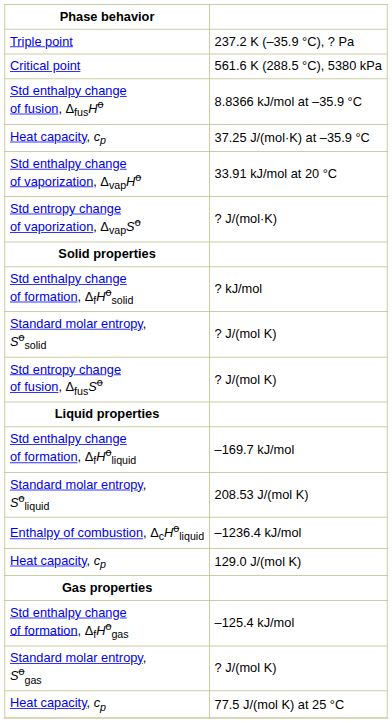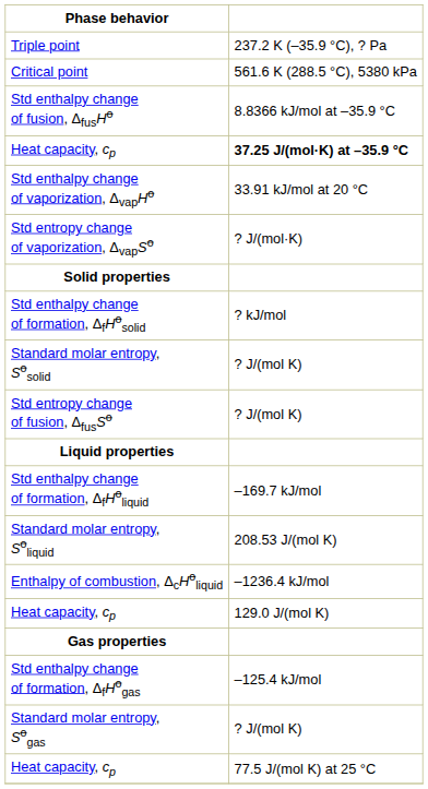 <table border="1" cellspacing="0" cellpadding="6" style="margin: 0 0 0 0.5em; background: #FFFFFF; border-collapse: collapse; border-color: #C0C090;">
 <tr>
 <th>Phase behavior</th>
 </tr>
 <tr>
 <td><a href='#'>Triple point</a></td>
 <td>237.2 K (–35.9 °C), ? Pa</td>
 </tr>
 <tr>
 <td><a href='#'>Critical point</a></td>
 <td>561.6 K (288.5 °C), 5380 kPa</td>
 </tr>
 <tr>
 <td><a href='#'>Std enthalpy change<br>of fusion</a>, Δ<sub>fus</sub><em>H</em><sup><s>o</s></sup></td>
 <td>8.8366 kJ/mol at –35.9 °C</td>
 </tr>
 <tr>
 <td><a href='#'>Heat capacity</a>, <em>c<sub>p</sub></em></td>
-<td>37.25 J/(mol·K) at –35.9 °C</td>
+<td><strong>37.25 J/(mol·K) at –35.9 °C</strong></td>
 </tr>
 <tr>
 <td><a href='#'>Std enthalpy change<br>of vaporization</a>, Δ<sub>vap</sub><em>H</em><sup><s>o</s></sup></td>
 <td>33.91 kJ/mol at 20 °C</td>
 </tr>
 <tr>
 <td><a href='#'>Std entropy change<br>of vaporization</a>, Δ<sub>vap</sub><em>S</em><sup><s>o</s></sup></td>
 <td>? J/(mol·K)</td>
 </tr>
 <tr>
 <th>Solid properties</th>
 </tr>
 <tr>
 <td><a href='#'>Std enthalpy change<br>of formation</a>, Δ<sub>f</sub><em>H</em><sup><s>o</s></sup><sub>solid</sub></td>
 <td>? kJ/mol</td>
 </tr>
 <tr>
 <td><a href='#'>Standard molar entropy</a>,<br><em>S</em><sup><s>o</s></sup><sub>solid</sub></td>
 <td>? J/(mol K)</td>
 </tr>
 <tr>
 <td><a href='#'>Std entropy change<br>of fusion</a>, Δ<sub>fus</sub><em>S</em><sup><s>o</s></sup></td>
 <td>? J/(mol K)</td>
 </tr>
 <tr>
 <th>Liquid properties</th>
 </tr>
 <tr>
 <td><a href='#'>Std enthalpy change<br>of formation</a>, Δ<sub>f</sub><em>H</em><sup><s>o</s></sup><sub>liquid</sub></td>
 <td>–169.7 kJ/mol</td>
 </tr>
 <tr>
 <td><a href='#'>Standard molar entropy</a>,<br><em>S</em><sup><s>o</s></sup><sub>liquid</sub></td>
 <td>208.53 J/(mol K)</td>
 </tr>
 <tr>
 <td><a href='#'>Enthalpy of combustion</a>, Δ<sub>c</sub><em>H</em><sup><s>o</s></sup><sub>liquid</sub></td>
 <td>–1236.4 kJ/mol</td>
 </tr>
 <tr>
 <td><a href='#'>Heat capacity</a>, <em>c<sub>p</sub></em></td>
 <td>129.0 J/(mol K)</td>
 </tr>
 <tr>
 <th>Gas properties</th>
 </tr>
 <tr>
 <td><a href='#'>Std enthalpy change<br>of formation</a>, Δ<sub>f</sub><em>H</em><sup><s>o</s></sup><sub>gas</sub></td>
 <td>–125.4 kJ/mol</td>
 </tr>
 <tr>
 <td><a href='#'>Standard molar entropy</a>,<br><em>S</em><sup><s>o</s></sup><sub>gas</sub></td>
 <td>? J/(mol K)</td>
 </tr>
 <tr>
 <td><a href='#'>Heat capacity</a>, <em>c<sub>p</sub></em></td>
 <td>77.5 J/(mol K) at 25 °C</td>
 </tr>
 <tr>
 </tr>
 </table>
